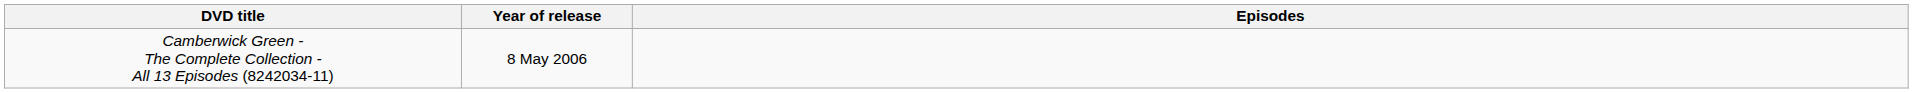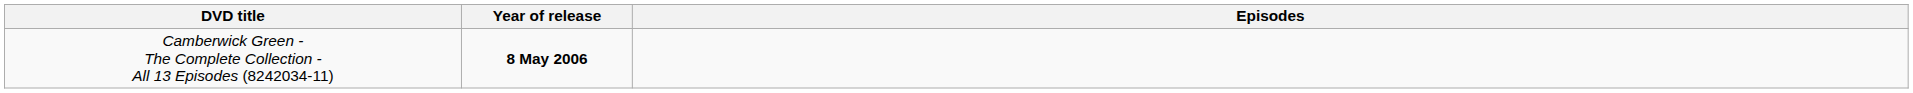 <table class="wikitable" style="text-align:center; width:100%;">
 <tr>
 <th style="width:24%;">DVD title</th>
 <th style="width:9%;">Year of release</th>
 <th>Episodes</th>
 </tr>
 <tr>
 <td><em>Camberwick Green -<br>The Complete Collection -<br>All 13 Episodes</em> (8242034-11)</td>
-<td style="text-align:center;">8 May 2006</td>
+<td style="text-align:center;"><strong>8 May 2006</strong></td>
 <td style="text-align:center;"></td>
 </tr>
 </table>
